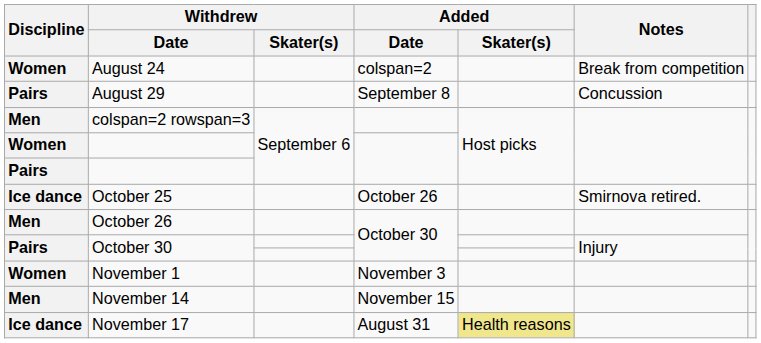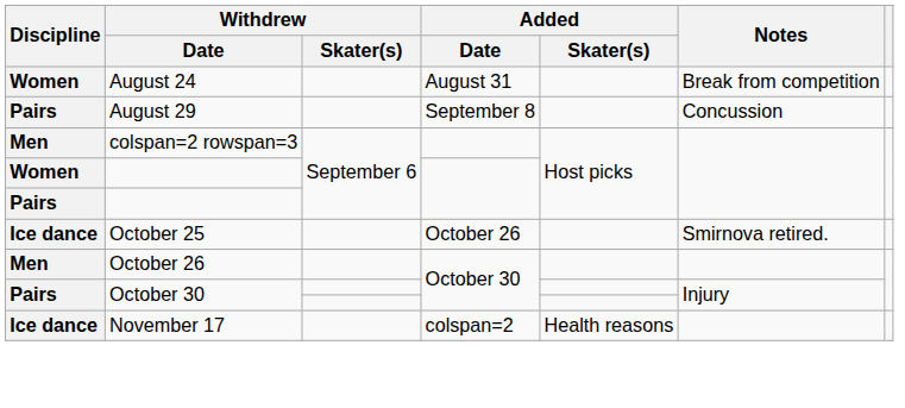 <table class="wikitable unsortable">
 <tr>
 <th scope="col" rowspan=2>Discipline</th>
 <th scope="col" colspan=2>Withdrew</th>
 <th scope="col" colspan=2>Added</th>
 <th scope="col" rowspan=2>Notes</th>
 <th scope="col" rowspan=2></th>
 </tr>
 <tr>
 <th>Date</th>
 <th>Skater(s)</th>
 <th>Date</th>
 <th>Skater(s)</th>
 </tr>
 <tr>
 <th scope="row" style="text-align:left">Women</th>
 <td>August 24</td>
 <td></td>
-<td>colspan=2 </td>
+<td>August 31</td>
 <td></td>
 <td>Break from competition</td>
 <td></td>
 </tr>
 <tr>
 <th scope="row" style="text-align:left">Pairs</th>
 <td>August 29</td>
 <td></td>
 <td>September 8</td>
 <td></td>
 <td>Concussion</td>
 <td></td>
 </tr>
 <tr>
 <th scope="row" style="text-align:left">Men</th>
 <td>colspan=2 rowspan=3 </td>
 <td rowspan=3>September 6</td>
 <td></td>
 <td rowspan=3>Host picks</td>
 <td rowspan=3></td>
 </tr>
 <tr>
 <th scope="row" style="text-align:left">Women</th>
 <td></td>
 </tr>
 <tr>
 <th scope="row" style="text-align:left">Pairs</th>
 <td></td>
 </tr>
 <tr>
 <th scope="row" style="text-align:left">Ice dance</th>
 <td>October 25</td>
 <td></td>
 <td>October 26</td>
 <td></td>
 <td>Smirnova retired.</td>
 <td></td>
 </tr>
 <tr>
 <th scope="row" style="text-align:left">Men</th>
 <td>October 26</td>
 <td></td>
 <td rowspan="3">October 30</td>
 <td></td>
 <td></td>
 <td rowspan=3></td>
 </tr>
 <tr>
 <th scope="row" style="text-align:left" rowspan="2">Pairs</th>
 <td rowspan="2">October 30</td>
 <td></td>
 <td></td>
 <td rowspan="2">Injury</td>
 </tr>
 <tr>
 <td></td>
 <td></td>
 </tr>
 <tr>
-<th scope="row" style="text-align:left">Women</th>
-<td>November 1</td>
-<td></td>
-<td>November 3</td>
-<td></td>
-<td></td>
-<td></td>
-</tr>
-<tr>
-<th scope="row" style="text-align:left">Men</th>
-<td>November 14</td>
-<td></td>
-<td>November 15</td>
-<td></td>
-<td></td>
-<td></td>
-</tr>
-<tr>
 <th scope="row" style="text-align:left">Ice dance</th>
 <td>November 17</td>
 <td></td>
-<td>August 31</td>
-<td style="background: khaki;">Health reasons</td>
+<td>colspan=2 </td>
+<td>Health reasons</td>
 <td></td>
 </tr>
 </table>
